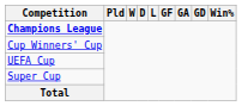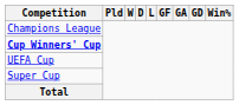 <table class="wikitable unsortable" style="text-align:center">
 <tr>
 <th>Competition</th>
 <th>Pld</th>
 <th>W</th>
 <th>D</th>
 <th>L</th>
 <th>GF</th>
 <th>GA</th>
 <th>GD</th>
 <th>Win%</th>
 </tr>
 <tr>
-<td align=left><strong><a href='#'>Champions League</a><br></strong></td>
+<td align=left><a href='#'>Champions League</a><br></td>
 </tr>
 <tr>
-<td align=left><a href='#'>Cup Winners' Cup</a><br></td>
+<td align=left><strong><a href='#'>Cup Winners' Cup</a><br></strong></td>
 </tr>
 <tr>
 <td align=left><a href='#'>UEFA Cup</a><br></td>
 </tr>
 <tr>
 <td align=left><a href='#'>Super Cup</a><br></td>
 </tr>
 <tr>
 <th>Total<br></th>
 </tr>
 </table>
